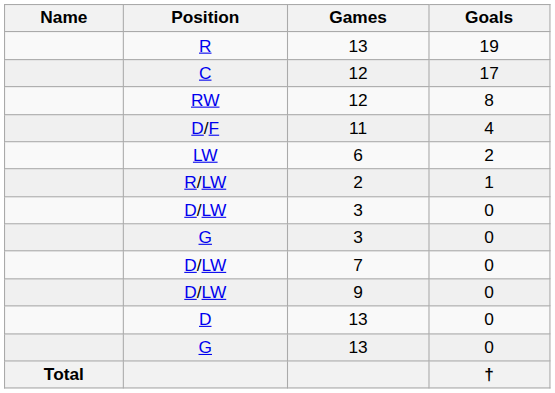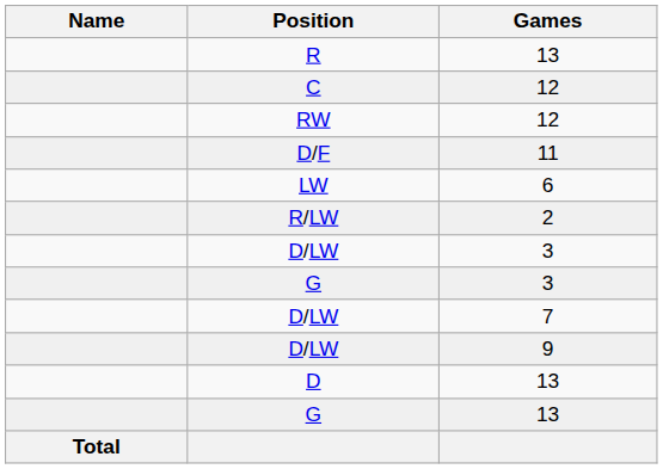 <table class="wikitable sortable" width ="40%">
 <tr align="center">
 <th><strong>Name</strong></th>
 <th><strong>Position</strong></th>
 <th><strong>Games</strong></th>
-<th><strong>Goals</strong></th>
 </tr>
 <tr align="center" bgcolor="">
 <td></td>
 <td><a href='#'>R</a></td>
 <td>13</td>
-<td>19</td>
 </tr>
 <tr align="center" bgcolor="f0f0f0">
 <td></td>
 <td><a href='#'>C</a></td>
 <td>12</td>
-<td>17</td>
 </tr>
 <tr align="center" bgcolor="">
 <td></td>
 <td><a href='#'>RW</a></td>
 <td>12</td>
-<td>8</td>
 </tr>
 <tr align="center" bgcolor="f0f0f0">
 <td></td>
 <td><a href='#'>D</a>/<a href='#'>F</a></td>
 <td>11</td>
-<td>4</td>
 </tr>
 <tr align="center" bgcolor="">
 <td></td>
 <td><a href='#'>LW</a></td>
 <td>6</td>
-<td>2</td>
 </tr>
 <tr align="center" bgcolor="f0f0f0">
 <td></td>
 <td><a href='#'>R</a>/<a href='#'>LW</a></td>
 <td>2</td>
-<td>1</td>
 </tr>
 <tr align="center" bgcolor="">
 <td></td>
 <td><a href='#'>D</a>/<a href='#'>LW</a></td>
 <td>3</td>
-<td>0</td>
 </tr>
 <tr align="center" bgcolor="f0f0f0">
 <td></td>
 <td><a href='#'>G</a></td>
 <td>3</td>
-<td>0</td>
 </tr>
 <tr align="center" bgcolor="">
 <td></td>
 <td><a href='#'>D</a>/<a href='#'>LW</a></td>
 <td>7</td>
-<td>0</td>
 </tr>
 <tr align="center" bgcolor="f0f0f0">
 <td></td>
 <td><a href='#'>D</a>/<a href='#'>LW</a></td>
 <td>9</td>
-<td>0</td>
 </tr>
 <tr align="center" bgcolor="">
 <td></td>
 <td><a href='#'>D</a></td>
 <td>13</td>
-<td>0</td>
 </tr>
 <tr align="center" bgcolor="f0f0f0">
 <td></td>
 <td><a href='#'>G</a></td>
 <td>13</td>
-<td>0</td>
 </tr>
 <tr>
 <th>Total</th>
 <th></th>
 <th></th>
-<th>†</th>
 </tr>
 </table>
